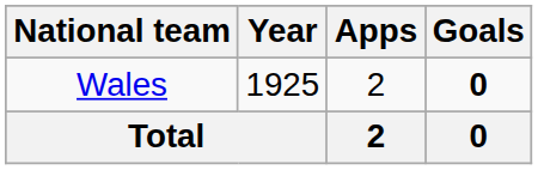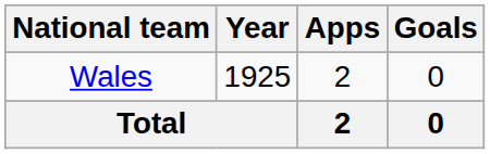 <table class="wikitable" style="text-align: center">
 <tr>
 <th>National team</th>
 <th>Year</th>
 <th>Apps</th>
 <th>Goals</th>
 </tr>
 <tr>
 <td><a href='#'>Wales</a></td>
 <td>1925</td>
 <td>2</td>
-<td><strong>0</strong></td>
+<td>0</td>
 </tr>
 <tr>
 <th colspan="2">Total</th>
 <th>2</th>
 <th>0</th>
 </tr>
 </table>
